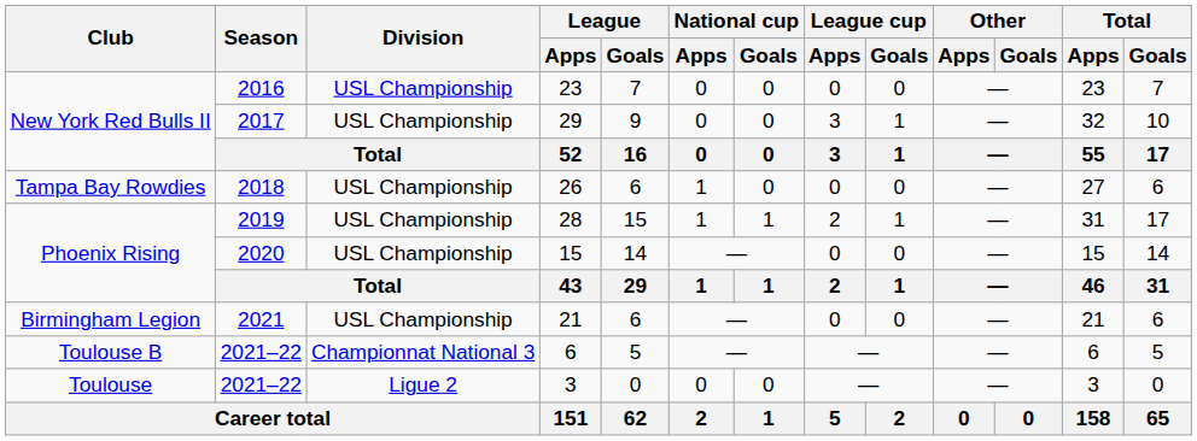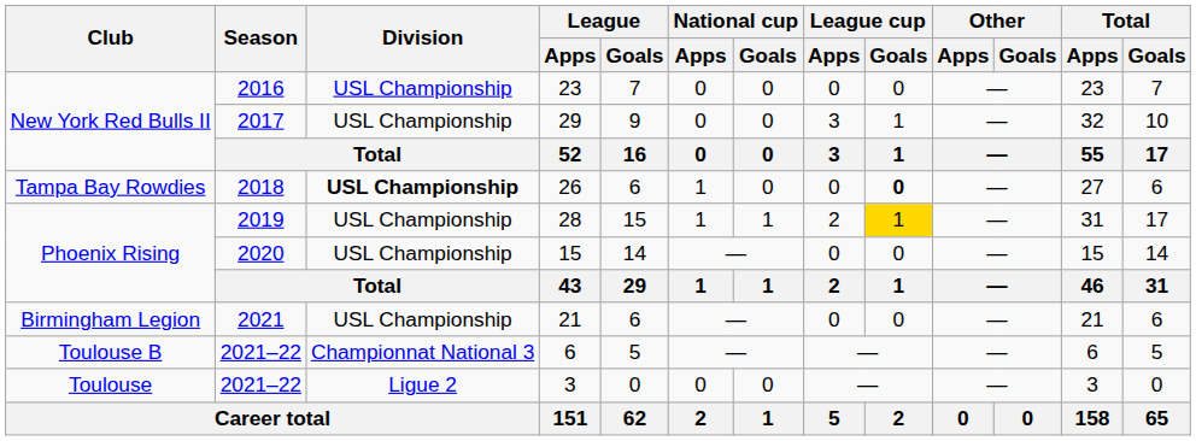 <table class="wikitable" style="text-align:center">
 <tr>
 <th rowspan="2">Club</th>
 <th rowspan="2">Season</th>
 <th rowspan="2">Division</th>
 <th colspan="2">League</th>
 <th colspan="2">National cup</th>
 <th colspan="2">League cup</th>
 <th colspan="2">Other</th>
 <th colspan="2">Total</th>
 </tr>
 <tr>
 <th>Apps</th>
 <th>Goals</th>
 <th>Apps</th>
 <th>Goals</th>
 <th>Apps</th>
 <th>Goals</th>
 <th>Apps</th>
 <th>Goals</th>
 <th>Apps</th>
 <th>Goals</th>
 </tr>
 <tr>
 <td rowspan="3"><a href='#'>New York Red Bulls II</a></td>
 <td><a href='#'>2016</a></td>
 <td><a href='#'>USL Championship</a></td>
 <td>23</td>
 <td>7</td>
 <td>0</td>
 <td>0</td>
 <td>0</td>
 <td>0</td>
 <td colspan="2">—</td>
 <td>23</td>
 <td>7</td>
 </tr>
 <tr>
 <td><a href='#'>2017</a></td>
 <td>USL Championship</td>
 <td>29</td>
 <td>9</td>
 <td>0</td>
 <td>0</td>
 <td>3</td>
 <td>1</td>
 <td colspan="2">—</td>
 <td>32</td>
 <td>10</td>
 </tr>
 <tr>
 <th colspan="2">Total</th>
 <th>52</th>
 <th>16</th>
 <th>0</th>
 <th>0</th>
 <th>3</th>
 <th>1</th>
 <th colspan="2">—</th>
 <th>55</th>
 <th>17</th>
 </tr>
 <tr>
 <td><a href='#'>Tampa Bay Rowdies</a></td>
 <td><a href='#'>2018</a></td>
-<td>USL Championship</td>
+<td><strong>USL Championship</strong></td>
 <td>26</td>
 <td>6</td>
 <td>1</td>
 <td>0</td>
 <td>0</td>
-<td>0</td>
+<td><strong>0</strong></td>
 <td colspan="2">—</td>
 <td>27</td>
 <td>6</td>
 </tr>
 <tr>
 <td rowspan="3"><a href='#'>Phoenix Rising</a></td>
 <td><a href='#'>2019</a></td>
 <td>USL Championship</td>
 <td>28</td>
 <td>15</td>
 <td>1</td>
 <td>1</td>
 <td>2</td>
-<td>1</td>
+<td style="background: gold;">1</td>
 <td colspan="2">—</td>
 <td>31</td>
 <td>17</td>
 </tr>
 <tr>
 <td><a href='#'>2020</a></td>
 <td>USL Championship</td>
 <td>15</td>
 <td>14</td>
 <td colspan="2">—</td>
 <td>0</td>
 <td>0</td>
 <td colspan="2">—</td>
 <td>15</td>
 <td>14</td>
 </tr>
 <tr>
 <th colspan="2">Total</th>
 <th>43</th>
 <th>29</th>
 <th>1</th>
 <th>1</th>
 <th>2</th>
 <th>1</th>
 <th colspan="2">—</th>
 <th>46</th>
 <th>31</th>
 </tr>
 <tr>
 <td><a href='#'>Birmingham Legion</a></td>
 <td><a href='#'>2021</a></td>
 <td>USL Championship</td>
 <td>21</td>
 <td>6</td>
 <td colspan="2">—</td>
 <td>0</td>
 <td>0</td>
 <td colspan="2">—</td>
 <td>21</td>
 <td>6</td>
 </tr>
 <tr>
 <td><a href='#'>Toulouse B</a></td>
 <td><a href='#'>2021–22</a></td>
 <td><a href='#'>Championnat National 3</a></td>
 <td>6</td>
 <td>5</td>
 <td colspan="2">—</td>
 <td colspan="2">—</td>
 <td colspan="2">—</td>
 <td>6</td>
 <td>5</td>
 </tr>
 <tr>
 <td><a href='#'>Toulouse</a></td>
 <td><a href='#'>2021–22</a></td>
 <td><a href='#'>Ligue 2</a></td>
 <td>3</td>
 <td>0</td>
 <td>0</td>
 <td>0</td>
 <td colspan="2">—</td>
 <td colspan="2">—</td>
 <td>3</td>
 <td>0</td>
 </tr>
 <tr>
 <th colspan="3">Career total</th>
 <th>151</th>
 <th>62</th>
 <th>2</th>
 <th>1</th>
 <th>5</th>
 <th>2</th>
 <th>0</th>
 <th>0</th>
 <th>158</th>
 <th>65</th>
 </tr>
 </table>
